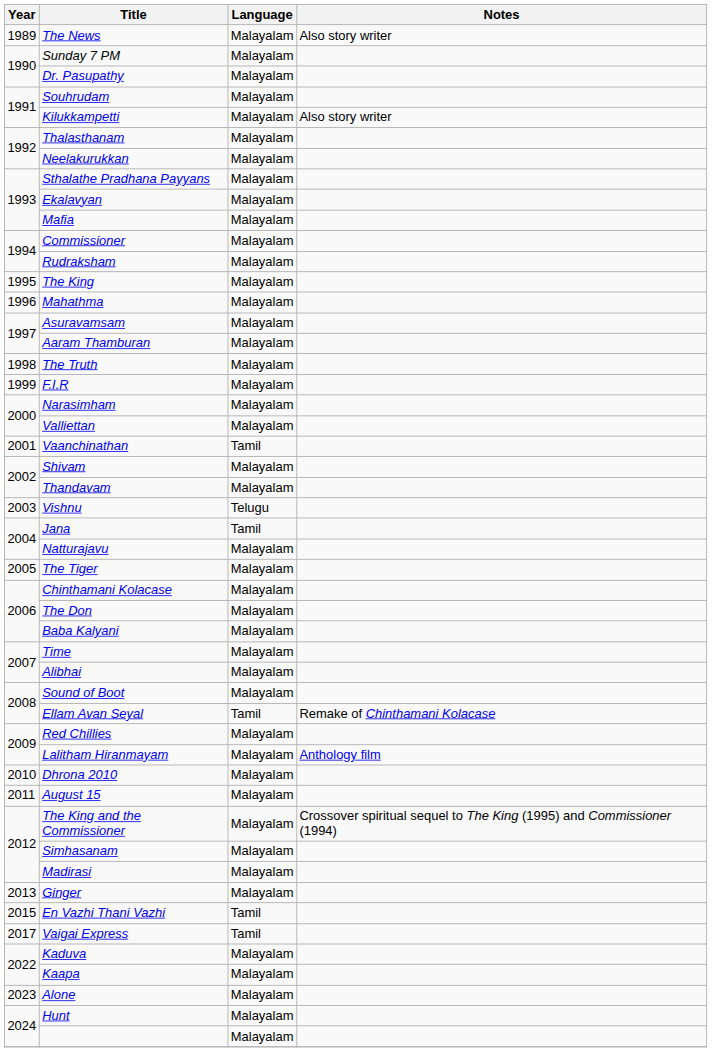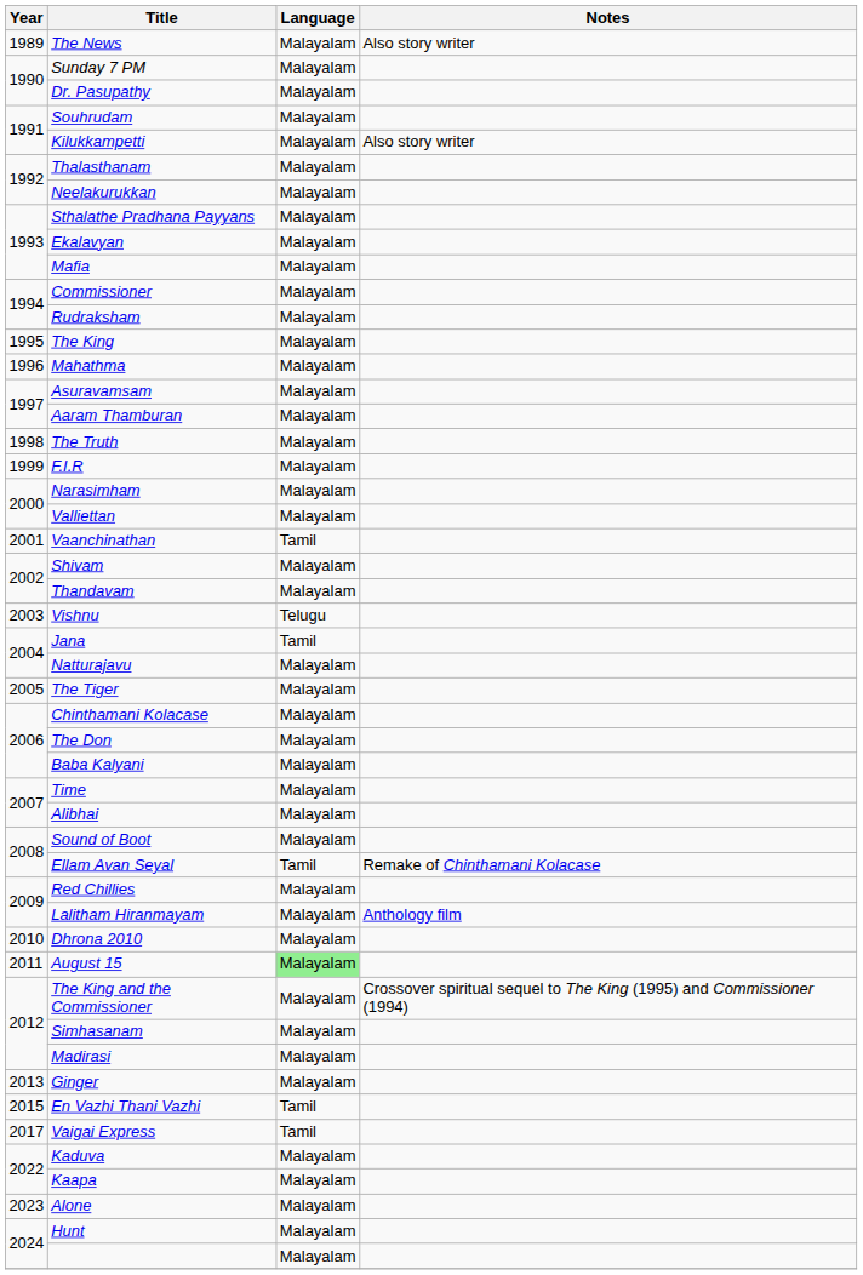 <table class="wikitable sortable">
 <tr>
 <th>Year</th>
 <th>Title</th>
 <th>Language</th>
 <th>Notes</th>
 </tr>
 <tr>
 <td>1989</td>
 <td><em><a href='#'>The News</a></em></td>
 <td>Malayalam</td>
 <td>Also story writer</td>
 </tr>
 <tr>
 <td rowspan="2">1990</td>
 <td><em>Sunday 7 PM</em></td>
 <td>Malayalam</td>
 <td></td>
 </tr>
 <tr>
 <td><em><a href='#'>Dr. Pasupathy</a></em></td>
 <td>Malayalam</td>
 <td></td>
 </tr>
 <tr>
 <td rowspan="2">1991</td>
 <td><em><a href='#'>Souhrudam</a></em></td>
 <td>Malayalam</td>
 <td></td>
 </tr>
 <tr>
 <td><em><a href='#'>Kilukkampetti</a></em></td>
 <td>Malayalam</td>
 <td>Also story writer</td>
 </tr>
 <tr>
 <td rowspan="2">1992</td>
 <td><em><a href='#'>Thalasthanam</a></em></td>
 <td>Malayalam</td>
 <td></td>
 </tr>
 <tr>
 <td><em><a href='#'>Neelakurukkan</a></em></td>
 <td>Malayalam</td>
 <td></td>
 </tr>
 <tr>
 <td rowspan="3">1993</td>
 <td><em><a href='#'>Sthalathe Pradhana Payyans</a></em></td>
 <td>Malayalam</td>
 <td></td>
 </tr>
 <tr>
 <td><em><a href='#'>Ekalavyan</a></em></td>
 <td>Malayalam</td>
 <td></td>
 </tr>
 <tr>
 <td><em><a href='#'>Mafia</a></em></td>
 <td>Malayalam</td>
 <td></td>
 </tr>
 <tr>
 <td rowspan="2">1994</td>
 <td><em><a href='#'>Commissioner</a></em></td>
 <td>Malayalam</td>
 <td></td>
 </tr>
 <tr>
 <td><em><a href='#'>Rudraksham</a></em></td>
 <td>Malayalam</td>
 <td></td>
 </tr>
 <tr>
 <td>1995</td>
 <td><em><a href='#'>The King</a></em></td>
 <td>Malayalam</td>
 <td></td>
 </tr>
 <tr>
 <td>1996</td>
 <td><em><a href='#'>Mahathma</a></em></td>
 <td>Malayalam</td>
 <td></td>
 </tr>
 <tr>
 <td rowspan="2">1997</td>
 <td><em><a href='#'>Asuravamsam</a></em></td>
 <td>Malayalam</td>
 <td></td>
 </tr>
 <tr>
 <td><em><a href='#'>Aaram Thamburan</a></em></td>
 <td>Malayalam</td>
 <td></td>
 </tr>
 <tr>
 <td>1998</td>
 <td><em><a href='#'>The Truth</a></em></td>
 <td>Malayalam</td>
 <td></td>
 </tr>
 <tr>
 <td>1999</td>
 <td><em><a href='#'>F.I.R</a></em></td>
 <td>Malayalam</td>
 <td></td>
 </tr>
 <tr>
 <td rowspan="2">2000</td>
 <td><em><a href='#'>Narasimham</a></em></td>
 <td>Malayalam</td>
 <td></td>
 </tr>
 <tr>
 <td><em><a href='#'>Valliettan</a></em></td>
 <td>Malayalam</td>
 <td></td>
 </tr>
 <tr>
 <td>2001</td>
 <td><em><a href='#'>Vaanchinathan</a></em></td>
 <td>Tamil</td>
 <td></td>
 </tr>
 <tr>
 <td rowspan="2">2002</td>
 <td><em><a href='#'>Shivam</a></em></td>
 <td>Malayalam</td>
 <td></td>
 </tr>
 <tr>
 <td><em><a href='#'>Thandavam</a></em></td>
 <td>Malayalam</td>
 <td></td>
 </tr>
 <tr>
 <td>2003</td>
 <td><em><a href='#'>Vishnu</a></em></td>
 <td>Telugu</td>
 <td></td>
 </tr>
 <tr>
 <td rowspan="2">2004</td>
 <td><em><a href='#'>Jana</a></em></td>
 <td>Tamil</td>
 <td></td>
 </tr>
 <tr>
 <td><em><a href='#'>Natturajavu</a></em></td>
 <td>Malayalam</td>
 <td></td>
 </tr>
 <tr>
 <td>2005</td>
 <td><em><a href='#'>The Tiger</a></em></td>
 <td>Malayalam</td>
 <td></td>
 </tr>
 <tr>
 <td rowspan="3">2006</td>
 <td><em><a href='#'>Chinthamani Kolacase</a></em></td>
 <td>Malayalam</td>
 <td></td>
 </tr>
 <tr>
 <td><em><a href='#'>The Don</a></em></td>
 <td>Malayalam</td>
 <td></td>
 </tr>
 <tr>
 <td><em><a href='#'>Baba Kalyani</a></em></td>
 <td>Malayalam</td>
 <td></td>
 </tr>
 <tr>
 <td rowspan="2">2007</td>
 <td><em><a href='#'>Time</a></em></td>
 <td>Malayalam</td>
 <td></td>
 </tr>
 <tr>
 <td><em><a href='#'>Alibhai</a></em></td>
 <td>Malayalam</td>
 <td></td>
 </tr>
 <tr>
 <td rowspan="2">2008</td>
 <td><em><a href='#'>Sound of Boot</a></em></td>
 <td>Malayalam</td>
 <td></td>
 </tr>
 <tr>
 <td><em><a href='#'>Ellam Avan Seyal</a></em></td>
 <td>Tamil</td>
 <td>Remake of <em><a href='#'>Chinthamani Kolacase</a> </em></td>
 </tr>
 <tr>
 <td rowspan="2">2009</td>
 <td><em><a href='#'>Red Chillies</a></em></td>
 <td>Malayalam</td>
 <td></td>
 </tr>
 <tr>
 <td><em><a href='#'>Lalitham Hiranmayam</a></em></td>
 <td>Malayalam</td>
 <td><a href='#'>Anthology film</a></td>
 </tr>
 <tr>
 <td rowspan="1">2010</td>
 <td><em><a href='#'>Dhrona 2010</a></em></td>
 <td>Malayalam</td>
 <td></td>
 </tr>
 <tr>
 <td>2011</td>
 <td><em><a href='#'>August 15</a></em></td>
-<td>Malayalam</td>
+<td style="background: lightgreen;">Malayalam</td>
 <td></td>
 </tr>
 <tr>
 <td rowspan=3>2012</td>
 <td><em><a href='#'>The King and the Commissioner</a></em></td>
 <td>Malayalam</td>
 <td>Crossover spiritual sequel to <em>The King</em> (1995) and <em>Commissioner</em> (1994)</td>
 </tr>
 <tr>
 <td><em><a href='#'>Simhasanam</a></em></td>
 <td>Malayalam</td>
 <td></td>
 </tr>
 <tr>
 <td><em><a href='#'>Madirasi</a></em></td>
 <td>Malayalam</td>
 <td></td>
 </tr>
 <tr>
 <td>2013</td>
 <td><em><a href='#'>Ginger</a></em></td>
 <td>Malayalam</td>
 <td></td>
 </tr>
 <tr>
 <td>2015</td>
 <td><em><a href='#'>En Vazhi Thani Vazhi</a></em></td>
 <td>Tamil</td>
 <td></td>
 </tr>
 <tr>
 <td>2017</td>
 <td><em><a href='#'>Vaigai Express</a></em></td>
 <td>Tamil</td>
 <td></td>
 </tr>
 <tr>
 <td rowspan="2">2022</td>
 <td><em><a href='#'>Kaduva</a></em></td>
 <td>Malayalam</td>
 <td></td>
 </tr>
 <tr>
 <td><em><a href='#'>Kaapa</a></em></td>
 <td>Malayalam</td>
 <td></td>
 </tr>
 <tr>
 <td>2023</td>
 <td><em><a href='#'>Alone</a></em></td>
 <td>Malayalam</td>
 <td></td>
 </tr>
 <tr>
 <td rowspan=2>2024</td>
 <td><em><a href='#'>Hunt</a></em></td>
 <td>Malayalam</td>
 <td></td>
 </tr>
 <tr>
 <td></td>
 <td>Malayalam</td>
 <td></td>
 </tr>
 <tr>
 </tr>
 </table>
